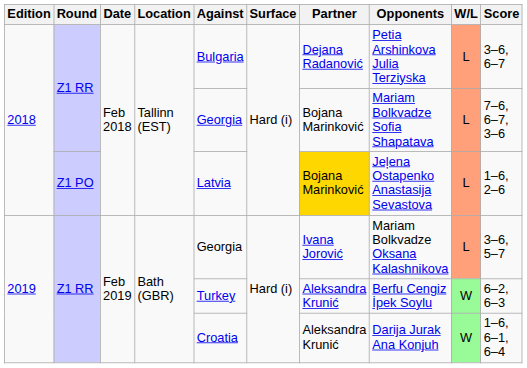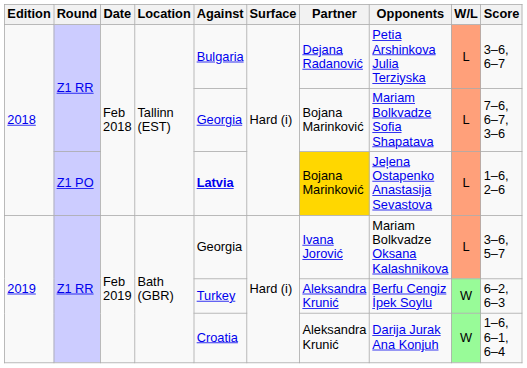 <table class="wikitable">
 <tr>
 <th>Edition</th>
 <th>Round</th>
 <th>Date</th>
 <th>Location</th>
 <th>Against</th>
 <th>Surface</th>
 <th>Partner</th>
 <th>Opponents</th>
 <th>W/L</th>
 <th>Score</th>
 </tr>
 <tr>
 <td rowspan="3"><a href='#'>2018</a></td>
 <td rowspan="2" bgcolor=#ccf><a href='#'>Z1 RR</a></td>
 <td rowspan="3">Feb 2018</td>
 <td rowspan="3">Tallinn (EST)</td>
 <td> <a href='#'>Bulgaria</a></td>
 <td rowspan="3">Hard (i)</td>
 <td><a href='#'>Dejana Radanović</a></td>
 <td><a href='#'>Petia Arshinkova</a> <br> <a href='#'>Julia Terziyska</a></td>
 <td align=center bgcolor=ffa07a>L</td>
 <td>3–6, 6–7</td>
 </tr>
 <tr>
 <td> <a href='#'>Georgia</a></td>
 <td>Bojana Marinković</td>
 <td><a href='#'>Mariam Bolkvadze</a> <br> <a href='#'>Sofia Shapatava</a></td>
 <td align=center bgcolor=ffa07a>L</td>
 <td>7–6, 6–7, 3–6</td>
 </tr>
 <tr>
 <td bgcolor=#ccf><a href='#'>Z1 PO</a></td>
-<td> <a href='#'>Latvia</a></td>
+<td><strong> <a href='#'>Latvia</a></strong></td>
 <td style="background: gold;">Bojana Marinković</td>
 <td><a href='#'>Jeļena Ostapenko</a> <br> <a href='#'>Anastasija Sevastova</a></td>
 <td align=center bgcolor=ffa07a>L</td>
 <td>1–6, 2–6</td>
 </tr>
 <tr>
 <td rowspan="3"><a href='#'>2019</a></td>
 <td rowspan="3" bgcolor=#ccf><a href='#'>Z1 RR</a></td>
 <td rowspan="3">Feb 2019</td>
 <td rowspan="3">Bath (GBR)</td>
 <td> Georgia</td>
 <td rowspan="3">Hard (i)</td>
 <td><a href='#'>Ivana Jorović</a></td>
 <td>Mariam Bolkvadze <br> <a href='#'>Oksana Kalashnikova</a></td>
 <td align=center bgcolor=ffa07a>L</td>
 <td>3–6, 5–7</td>
 </tr>
 <tr>
 <td> <a href='#'>Turkey</a></td>
 <td><a href='#'>Aleksandra Krunić</a></td>
 <td><a href='#'>Berfu Cengiz</a> <br> <a href='#'>İpek Soylu</a></td>
 <td align=center bgcolor=98FB98>W</td>
 <td>6–2, 6–3</td>
 </tr>
 <tr>
 <td> <a href='#'>Croatia</a></td>
 <td>Aleksandra Krunić</td>
 <td><a href='#'>Darija Jurak</a> <br> <a href='#'>Ana Konjuh</a></td>
 <td align=center bgcolor=98FB98>W</td>
 <td>1–6, 6–1, 6–4</td>
 </tr>
 </table>
